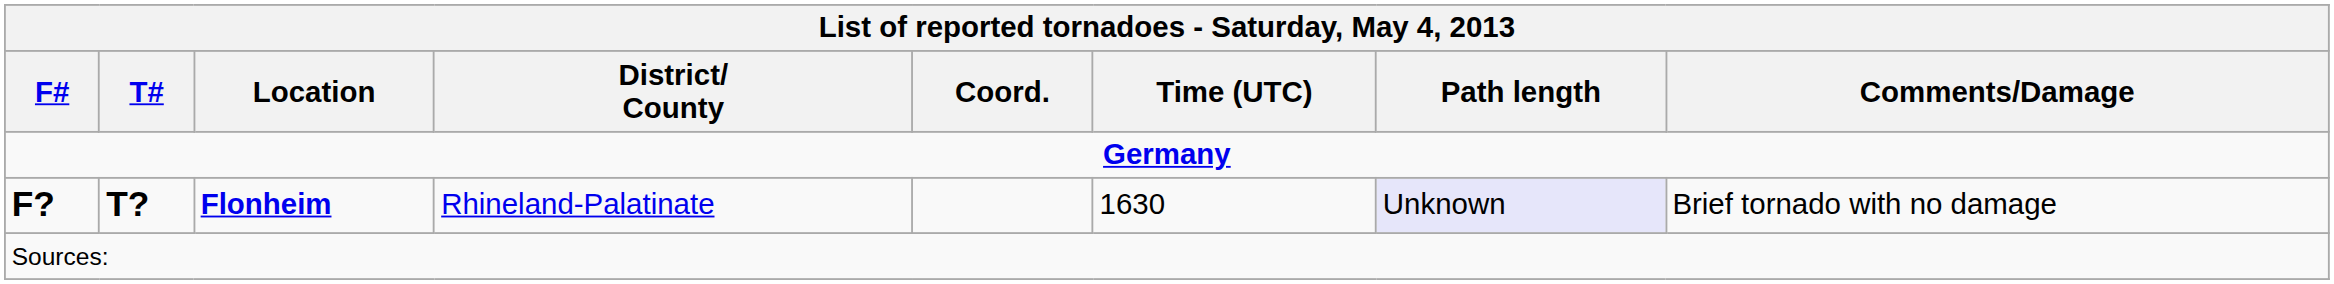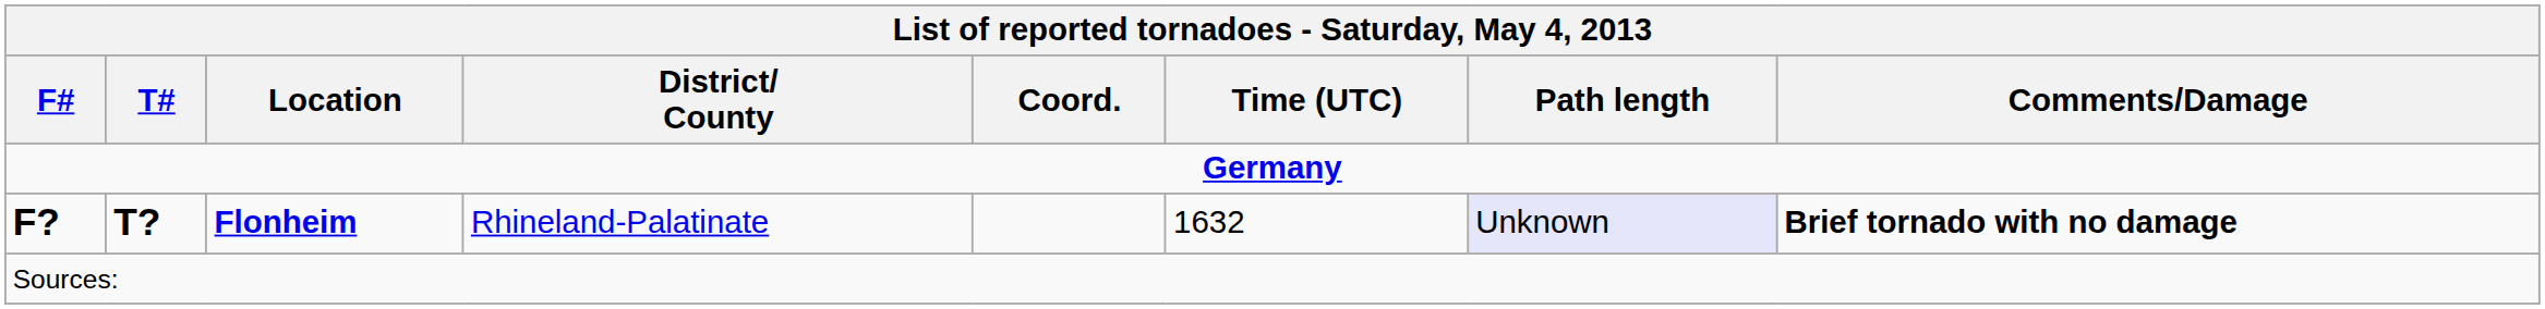 <table class="wikitable collapsible" width="100%">
 <tr>
 <th colspan="8">List of reported tornadoes - Saturday, May 4, 2013</th>
 </tr>
 <tr>
 <th><a href='#'>F#</a></th>
 <th><a href='#'>T#</a></th>
 <th>Location</th>
 <th>District/<br>County</th>
 <th>Coord.</th>
 <th>Time (UTC)</th>
 <th>Path length</th>
 <th>Comments/Damage</th>
 </tr>
 <tr>
 <td colspan="8" align=center><strong><a href='#'>Germany</a></strong></td>
 </tr>
 <tr>
 <td><big><strong>F?</strong></big></td>
 <td><big><strong>T?</strong></big></td>
 <td><strong><a href='#'>Flonheim</a></strong></td>
 <td><a href='#'>Rhineland-Palatinate</a></td>
 <td></td>
-<td>1630</td>
+<td>1632</td>
 <td style="background: lavender;">Unknown</td>
-<td>Brief tornado with no damage</td>
+<td><strong>Brief tornado with no damage</strong></td>
 </tr>
 <tr>
 <td colspan="8"><small>Sources:  </small></td>
 </tr>
 </table>
